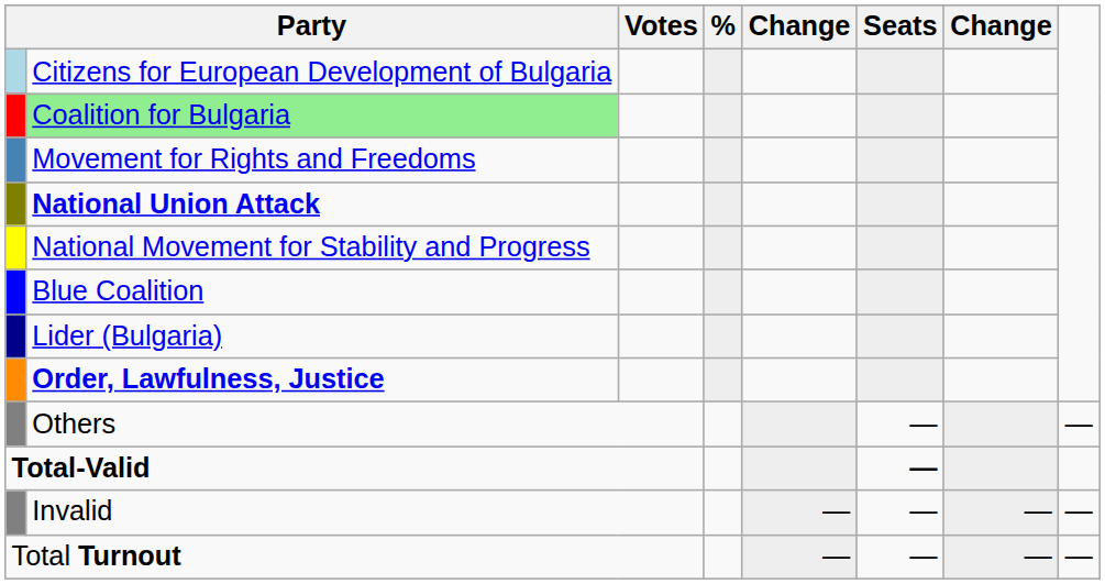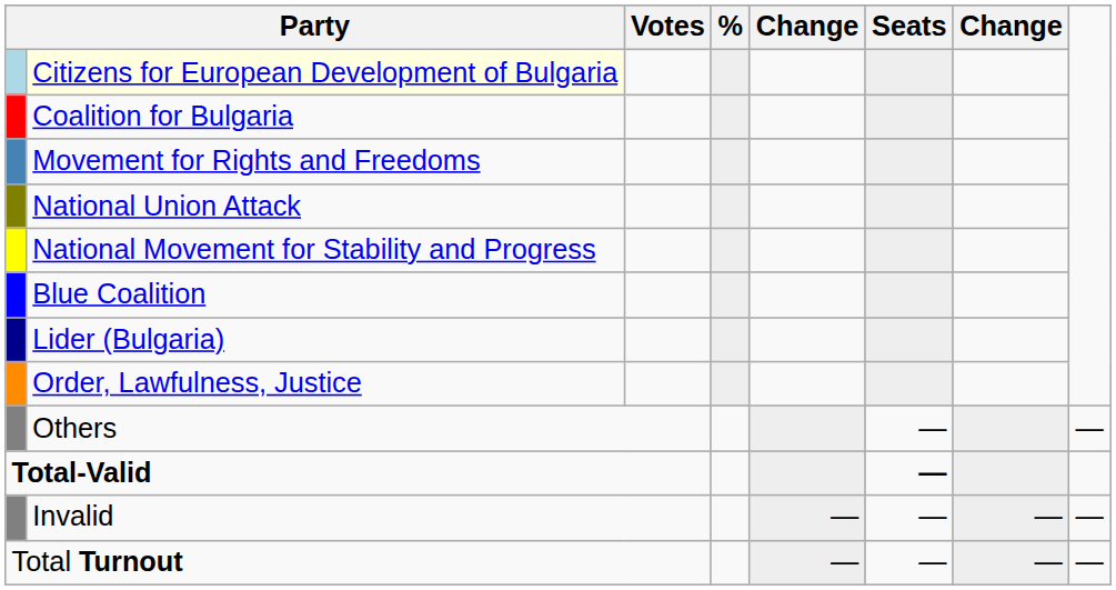 <table class="wikitable" border="1">
 <tr style="background-color:#C9C9C9">
 <th align=left colspan=2 valign=top>Party</th>
 <th align=right>Votes</th>
 <th align=right>%</th>
 <th align=right>Change</th>
 <th align=right>Seats</th>
 <th align=right>Change</th>
 </tr>
 <tr>
 <td bgcolor="lightblue"> </td>
-<td align=left><a href='#'>Citizens for European Development of Bulgaria</a></td>
+<td align=left style="background: lightyellow;"><a href='#'>Citizens for European Development of Bulgaria</a></td>
 <td align=right></td>
 <td align=right style="background-color:#EEEEEE"></td>
 <td align=right></td>
 <td align=right style="background-color:#EEEEEE"></td>
 <td align=right></td>
 </tr>
 <tr>
 <td bgcolor="red"> </td>
-<td align=left style="background: lightgreen;"><a href='#'>Coalition for Bulgaria</a></td>
+<td align=left><a href='#'>Coalition for Bulgaria</a></td>
 <td align=right></td>
 <td align=right style="background-color:#EEEEEE"></td>
 <td align=right></td>
 <td align=right style="background-color:#EEEEEE"></td>
 <td align=right></td>
 </tr>
 <tr>
 <td bgcolor="#4682B4"> </td>
 <td align=left><a href='#'>Movement for Rights and Freedoms</a></td>
 <td align=right></td>
 <td align=right style="background-color:#EEEEEE"></td>
 <td align=right></td>
 <td align=right style="background-color:#EEEEEE"></td>
 <td align=right></td>
 </tr>
 <tr>
 <td bgcolor="#808000"> </td>
-<td align=left><strong><a href='#'>National Union Attack</a></strong></td>
+<td align=left><a href='#'>National Union Attack</a></td>
 <td align=right></td>
 <td align=right style="background-color:#EEEEEE"></td>
 <td align=right></td>
 <td align=right style="background-color:#EEEEEE"></td>
 <td align=right></td>
 </tr>
 <tr>
 <td bgcolor="yellow"> </td>
 <td align=left><a href='#'>National Movement for Stability and Progress</a></td>
 <td align=right></td>
 <td align=right style="background-color:#EEEEEE"></td>
 <td align=right></td>
 <td align=right style="background-color:#EEEEEE"></td>
 <td align=right></td>
 </tr>
 <tr>
 <td bgcolor="blue"> </td>
 <td align=left><a href='#'>Blue Coalition</a></td>
 <td align=right></td>
 <td align=right style="background-color:#EEEEEE"></td>
 <td align=right></td>
 <td align=right style="background-color:#EEEEEE"></td>
 <td align=right></td>
 </tr>
 <tr>
 <td bgcolor="darkblue"> </td>
 <td align=left><a href='#'>Lider (Bulgaria)</a></td>
 <td align=right></td>
 <td align=right style="background-color:#EEEEEE"></td>
 <td align=right></td>
 <td align=right style="background-color:#EEEEEE"></td>
 <td align=right></td>
 </tr>
 <tr>
 <td bgcolor="darkorange"> </td>
-<td align=left><strong><a href='#'>Order, Lawfulness, Justice</a></strong></td>
+<td align=left><a href='#'>Order, Lawfulness, Justice</a></td>
 <td align=right></td>
 <td align=right style="background-color:#EEEEEE"></td>
 <td align=right></td>
 <td align=right style="background-color:#EEEEEE"></td>
 <td align=right></td>
 </tr>
 <tr>
 <td bgcolor="grey"> </td>
 <td align=left colspan=2>Others</td>
 <td align=right></td>
 <td align=right style="background-color:#EEEEEE"></td>
 <td align=right>—</td>
 <td align=right style="background-color:#EEEEEE"></td>
 <td align=right>—</td>
 </tr>
 <tr>
 <td align=left colspan=3><strong>Total-Valid</strong></td>
 <td align=right></td>
 <td align=right style="background-color:#EEEEEE"></td>
 <td align=right><strong>—<em></td>
 <td align=right style="background-color:#EEEEEE"></td>
 <td align=right></td>
 </tr>
 <tr>
 <td bgcolor="grey"></td>
 <td align=left colspan=2>Invalid</td>
 <td align=right></td>
 <td align=right style="background-color:#EEEEEE">—</td>
 <td align=right>—</td>
 <td align=right style="background-color:#EEEEEE">—</td>
 <td align=right>—</td>
 </tr>
 <tr>
 <td align=left colspan=3></strong>Total<strong>      </em> Turnout<em></td>
 <td align=right></td>
 <td align=right style="background-color:#EEEEEE"></strong>—<strong></td>
 <td align=right></strong>—<strong></td>
 <td align=right style="background-color:#EEEEEE"></strong>—<strong></td>
 <td align=right></strong>—<strong></td>
 </tr>
 </table>
